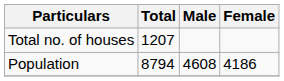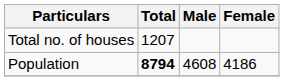 <table class="wikitable sortable">
 <tr>
 <th>Particulars</th>
 <th>Total</th>
 <th>Male</th>
 <th>Female</th>
 </tr>
 <tr>
 <td>Total no. of houses</td>
 <td>1207</td>
 <td></td>
 <td></td>
 </tr>
 <tr>
 <td>Population</td>
-<td>8794</td>
+<td><strong>8794</strong></td>
 <td>4608</td>
 <td>4186</td>
 </tr>
 <tr>
 </tr>
 </table>
